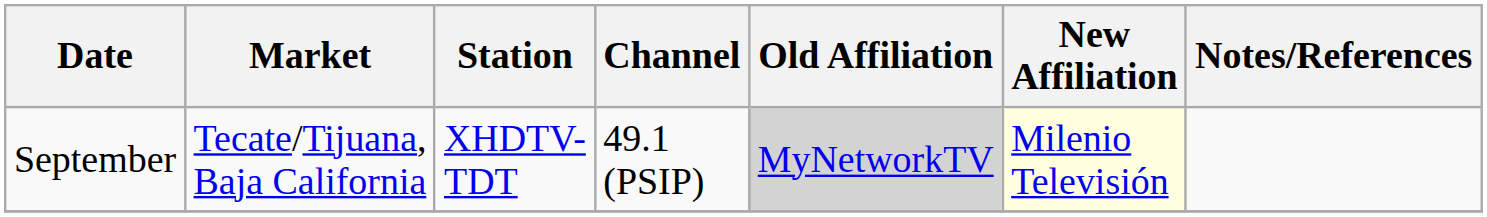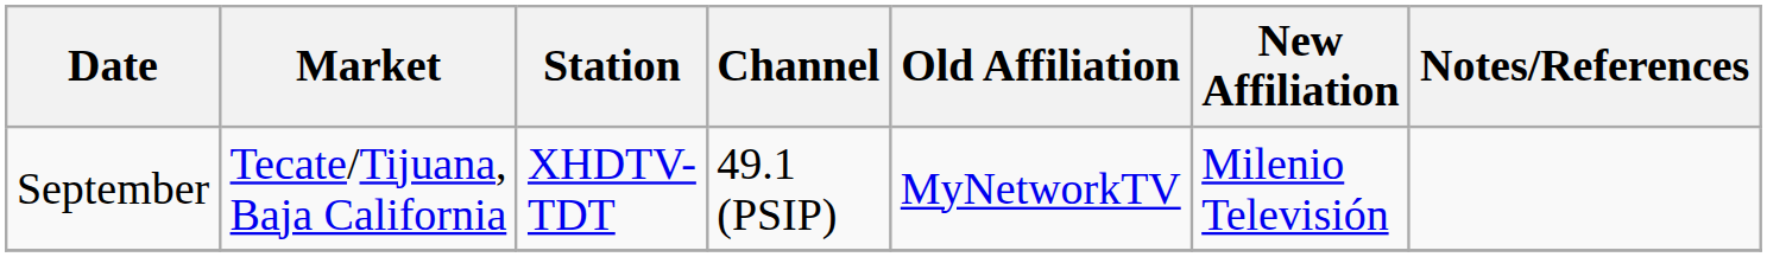 <table class="wikitable">
 <tr>
 <th>Date</th>
 <th>Market</th>
 <th>Station</th>
 <th>Channel</th>
 <th>Old Affiliation</th>
 <th>New Affiliation</th>
 <th>Notes/References</th>
 </tr>
 <tr>
 <td>September</td>
 <td><a href='#'>Tecate</a>/<a href='#'>Tijuana</a>, <a href='#'>Baja California</a> <br> </td>
 <td><a href='#'>XHDTV-TDT</a></td>
 <td>49.1 (PSIP)</td>
-<td style="background: lightgrey;"><a href='#'>MyNetworkTV</a></td>
-<td style="background: lightyellow;"><a href='#'>Milenio Televisión</a></td>
+<td><a href='#'>MyNetworkTV</a></td>
+<td><a href='#'>Milenio Televisión</a></td>
 <td></td>
 </tr>
 <tr>
 </tr>
 </table>
